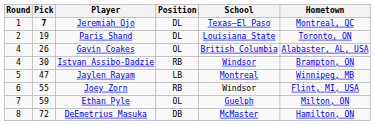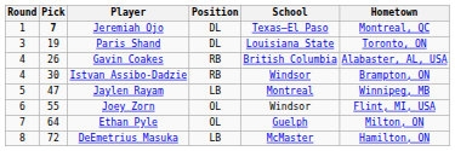 <table class="wikitable" style="font-size: 95%;">
 <tr>
 <th scope="col">Round</th>
 <th scope="col">Pick</th>
 <th scope="col">Player</th>
 <th scope="col">Position</th>
 <th scope="col">School</th>
 <th scope="col">Hometown</th>
 </tr>
 <tr align="center">
 <td align=center>1</td>
 <td><strong>7</strong></td>
 <td><a href='#'>Jeremiah Ojo</a></td>
 <td>DL</td>
 <td><a href='#'>Texas–El Paso</a></td>
 <td><a href='#'>Montreal, QC</a></td>
 </tr>
 <tr align="center">
-<td align=center>2</td>
+<td align=center>3</td>
 <td>19</td>
 <td><a href='#'>Paris Shand</a></td>
 <td>DL</td>
 <td><a href='#'>Louisiana State</a></td>
 <td><a href='#'>Toronto, ON</a></td>
 </tr>
 <tr align="center">
 <td align=center>4</td>
 <td>26</td>
 <td><a href='#'>Gavin Coakes</a></td>
-<td>OL</td>
+<td>RB</td>
 <td><a href='#'>British Columbia</a></td>
 <td><a href='#'>Alabaster, AL, USA</a></td>
 </tr>
 <tr align="center">
 <td align=center>4</td>
 <td>30</td>
 <td><a href='#'>Istvan Assibo-Dadzie</a></td>
 <td>RB</td>
 <td><a href='#'>Windsor</a></td>
 <td><a href='#'>Brampton, ON</a></td>
 </tr>
 <tr align="center">
 <td align=center>5</td>
 <td>47</td>
 <td><a href='#'>Jaylen Rayam</a></td>
 <td>LB</td>
 <td><a href='#'>Montreal</a></td>
 <td><a href='#'>Winnipeg, MB</a></td>
 </tr>
 <tr align="center">
 <td align=center>6</td>
 <td>55</td>
 <td><a href='#'>Joey Zorn</a></td>
-<td>RB</td>
+<td>OL</td>
 <td>Windsor</td>
 <td><a href='#'>Flint, MI, USA</a></td>
 </tr>
 <tr align="center">
 <td align=center>7</td>
-<td>59</td>
+<td>64</td>
 <td><a href='#'>Ethan Pyle</a></td>
 <td>OL</td>
 <td><a href='#'>Guelph</a></td>
 <td><a href='#'>Milton, ON</a></td>
 </tr>
 <tr align="center">
 <td align=center>8</td>
 <td>72</td>
 <td><a href='#'>DeEmetrius Masuka</a></td>
-<td>DB</td>
+<td>LB</td>
 <td><a href='#'>McMaster</a></td>
 <td><a href='#'>Hamilton, ON</a></td>
 </tr>
 </table>
